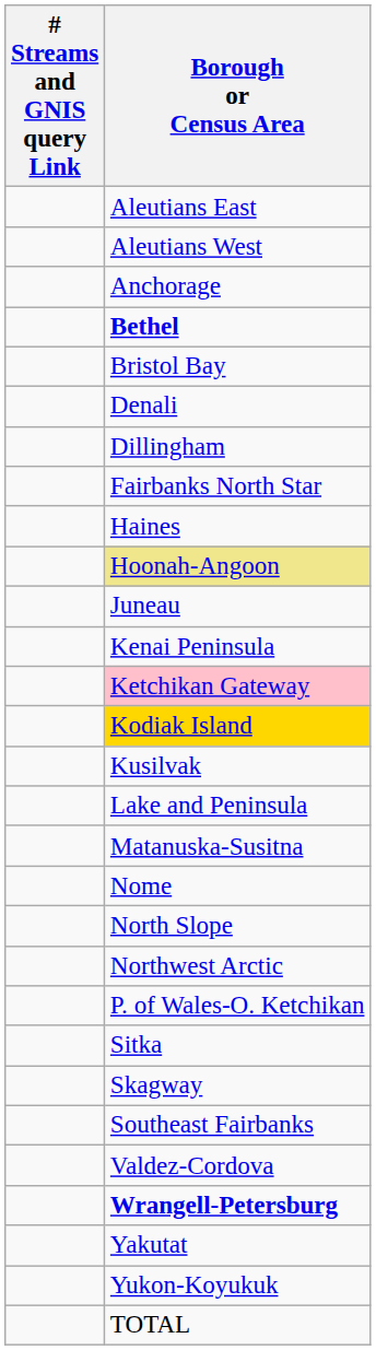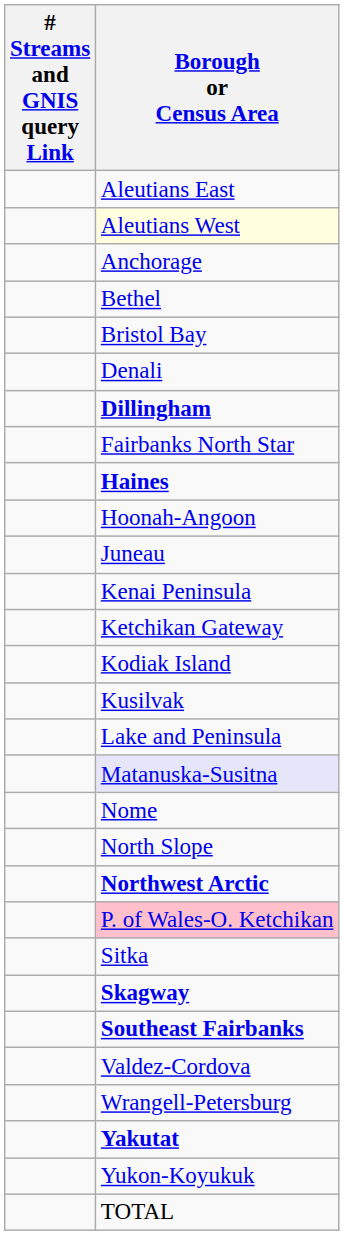 <table class="wikitable sortable">
 <tr>
 <th>#<br><a href='#'>Streams</a><br>and<br><a href='#'>GNIS</a><br>query<br><a href='#'>Link</a><br></th>
 <th><a href='#'>Borough</a><br>or<br><a href='#'>Census Area</a><br></th>
 </tr>
 <tr>
 <td></td>
 <td><a href='#'>Aleutians East</a></td>
 </tr>
 <tr>
 <td></td>
-<td><a href='#'>Aleutians West</a></td>
+<td style="background: lightyellow;"><a href='#'>Aleutians West</a></td>
 </tr>
 <tr>
 <td></td>
 <td><a href='#'>Anchorage</a></td>
 </tr>
 <tr>
 <td></td>
-<td><strong><a href='#'>Bethel</a></strong></td>
+<td><a href='#'>Bethel</a></td>
 </tr>
 <tr>
 <td></td>
 <td><a href='#'>Bristol Bay</a></td>
 </tr>
 <tr>
 <td></td>
 <td><a href='#'>Denali</a></td>
 </tr>
 <tr>
 <td></td>
-<td><a href='#'>Dillingham</a></td>
+<td><strong><a href='#'>Dillingham</a></strong></td>
 </tr>
 <tr>
 <td></td>
 <td><a href='#'>Fairbanks North Star</a></td>
 </tr>
 <tr>
 <td></td>
-<td><a href='#'>Haines</a></td>
+<td><strong><a href='#'>Haines</a></strong></td>
 </tr>
 <tr>
 <td></td>
-<td style="background: khaki;"><a href='#'>Hoonah-Angoon</a></td>
+<td><a href='#'>Hoonah-Angoon</a></td>
 </tr>
 <tr>
 <td></td>
 <td><a href='#'>Juneau</a></td>
 </tr>
 <tr>
 <td></td>
 <td><a href='#'>Kenai Peninsula</a></td>
 </tr>
 <tr>
 <td></td>
-<td style="background: pink;"><a href='#'>Ketchikan Gateway</a></td>
+<td><a href='#'>Ketchikan Gateway</a></td>
 </tr>
 <tr>
 <td></td>
-<td style="background: gold;"><a href='#'>Kodiak Island</a></td>
+<td><a href='#'>Kodiak Island</a></td>
 </tr>
 <tr>
 <td></td>
 <td><a href='#'>Kusilvak</a></td>
 </tr>
 <tr>
 <td></td>
 <td><a href='#'>Lake and Peninsula</a></td>
 </tr>
 <tr>
 <td></td>
-<td><a href='#'>Matanuska-Susitna</a></td>
+<td style="background: lavender;"><a href='#'>Matanuska-Susitna</a></td>
 </tr>
 <tr>
 <td></td>
 <td><a href='#'>Nome</a></td>
 </tr>
 <tr>
 <td></td>
 <td><a href='#'>North Slope</a></td>
 </tr>
 <tr>
 <td></td>
-<td><a href='#'>Northwest Arctic</a></td>
+<td><strong><a href='#'>Northwest Arctic</a></strong></td>
 </tr>
 <tr>
 <td></td>
-<td><a href='#'>P. of Wales-O. Ketchikan</a></td>
+<td style="background: pink;"><a href='#'>P. of Wales-O. Ketchikan</a></td>
 </tr>
 <tr>
 <td></td>
 <td><a href='#'>Sitka</a></td>
 </tr>
 <tr>
 <td></td>
-<td><a href='#'>Skagway</a></td>
+<td><strong><a href='#'>Skagway</a></strong></td>
 </tr>
 <tr>
 <td></td>
-<td><a href='#'>Southeast Fairbanks</a></td>
+<td><strong><a href='#'>Southeast Fairbanks</a></strong></td>
 </tr>
 <tr>
 <td></td>
 <td><a href='#'>Valdez-Cordova</a></td>
 </tr>
 <tr>
 <td></td>
-<td><strong><a href='#'>Wrangell-Petersburg</a></strong></td>
+<td><a href='#'>Wrangell-Petersburg</a></td>
 </tr>
 <tr>
 <td></td>
-<td><a href='#'>Yakutat</a></td>
+<td><strong><a href='#'>Yakutat</a></strong></td>
 </tr>
 <tr>
 <td></td>
 <td><a href='#'>Yukon-Koyukuk</a></td>
 </tr>
 <tr>
 <td></td>
 <td>TOTAL</td>
 </tr>
 </table>
